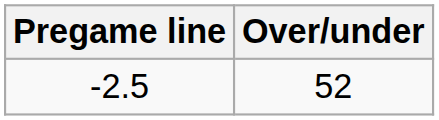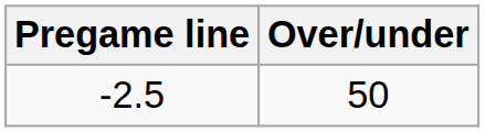 <table class="wikitable" style="margin-left: auto; margin-right: auto; border: none; display: inline-table;">
 <tr align="center">
 <th style=>Pregame line</th>
 <th style=>Over/under</th>
 </tr>
 <tr align="center">
 <td>-2.5</td>
-<td>52</td>
+<td>50</td>
 </tr>
 </table>
